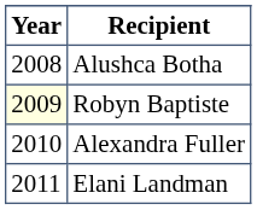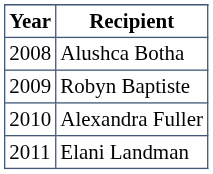 <table cellpadding="3" cellspacing="4" border="1" style="border:#435877 solid 1px; border-collapse: collapse;">
 <tr bgcolor="#d1e4fd">
 </tr>
 <tr>
 <th><strong>Year</strong></th>
 <th><strong>Recipient</strong></th>
 </tr>
 <tr>
 <td>2008</td>
 <td>Alushca Botha</td>
 </tr>
 <tr>
-<td style="background: lightyellow;">2009</td>
+<td>2009</td>
 <td>Robyn Baptiste</td>
 </tr>
 <tr>
 <td>2010</td>
 <td>Alexandra Fuller</td>
 </tr>
 <tr>
 <td>2011</td>
 <td>Elani Landman</td>
 </tr>
 </table>
